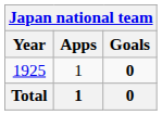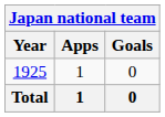 <table class="wikitable" style="text-align:center">
 <tr>
 <th colspan=3><a href='#'>Japan national team</a></th>
 </tr>
 <tr>
 <th>Year</th>
 <th>Apps</th>
 <th>Goals</th>
 </tr>
 <tr>
 <td><a href='#'>1925</a></td>
 <td>1</td>
-<td><strong>0</strong></td>
+<td>0</td>
 </tr>
 <tr>
 <th>Total</th>
 <th>1</th>
 <th>0</th>
 </tr>
 </table>
